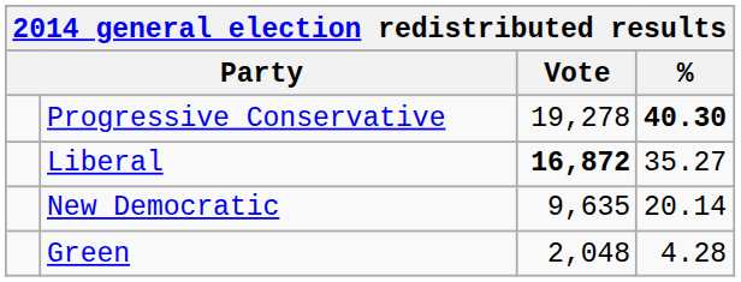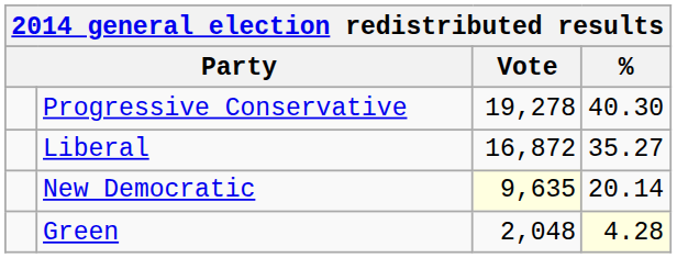 <table class="wikitable">
 <tr>
 <th colspan="4"><a href='#'>2014 general election</a> redistributed results</th>
 </tr>
 <tr>
 <th bgcolor="#DDDDFF" width="130px" colspan="2">Party</th>
 <th bgcolor="#DDDDFF" width="50px">Vote</th>
 <th bgcolor="#DDDDFF" width="30px">%</th>
 </tr>
 <tr>
 <td> </td>
 <td><a href='#'>Progressive Conservative</a></td>
 <td align=right>19,278</td>
-<td align=right><strong>40.30</strong></td>
+<td align=right>40.30</td>
 </tr>
 <tr>
 <td> </td>
 <td><a href='#'>Liberal</a></td>
-<td align=right><strong>16,872</strong></td>
+<td align=right>16,872</td>
 <td align=right>35.27</td>
 </tr>
 <tr>
 <td> </td>
 <td><a href='#'>New Democratic</a></td>
-<td align=right>9,635</td>
+<td align=right style="background: lightyellow;">9,635</td>
 <td align=right>20.14</td>
 </tr>
 <tr>
 <td> </td>
 <td><a href='#'>Green</a></td>
 <td align=right>2,048</td>
-<td align=right>4.28</td>
+<td align=right style="background: lightyellow;">4.28</td>
 </tr>
 </table>
